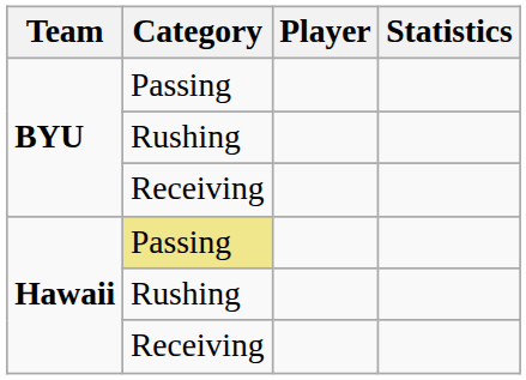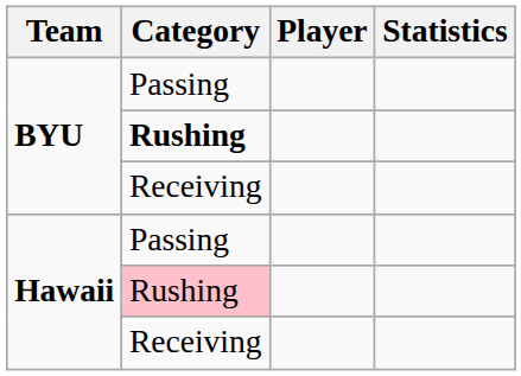 <table class="wikitable" style="float: right;">
 <tr>
 <th>Team</th>
 <th>Category</th>
 <th>Player</th>
 <th>Statistics</th>
 </tr>
 <tr>
 <td rowspan=3><strong>BYU</strong></td>
 <td>Passing</td>
 <td></td>
 <td></td>
 </tr>
 <tr>
-<td>Rushing</td>
+<td><strong>Rushing</strong></td>
 <td></td>
 <td></td>
 </tr>
 <tr>
 <td>Receiving</td>
 <td></td>
 <td></td>
 </tr>
 <tr>
 <td rowspan=3><strong>Hawaii</strong></td>
-<td style="background: khaki;">Passing</td>
+<td>Passing</td>
 <td></td>
 <td></td>
 </tr>
 <tr>
-<td>Rushing</td>
+<td style="background: pink;">Rushing</td>
 <td></td>
 <td></td>
 </tr>
 <tr>
 <td>Receiving</td>
 <td></td>
 <td></td>
 </tr>
 </table>
